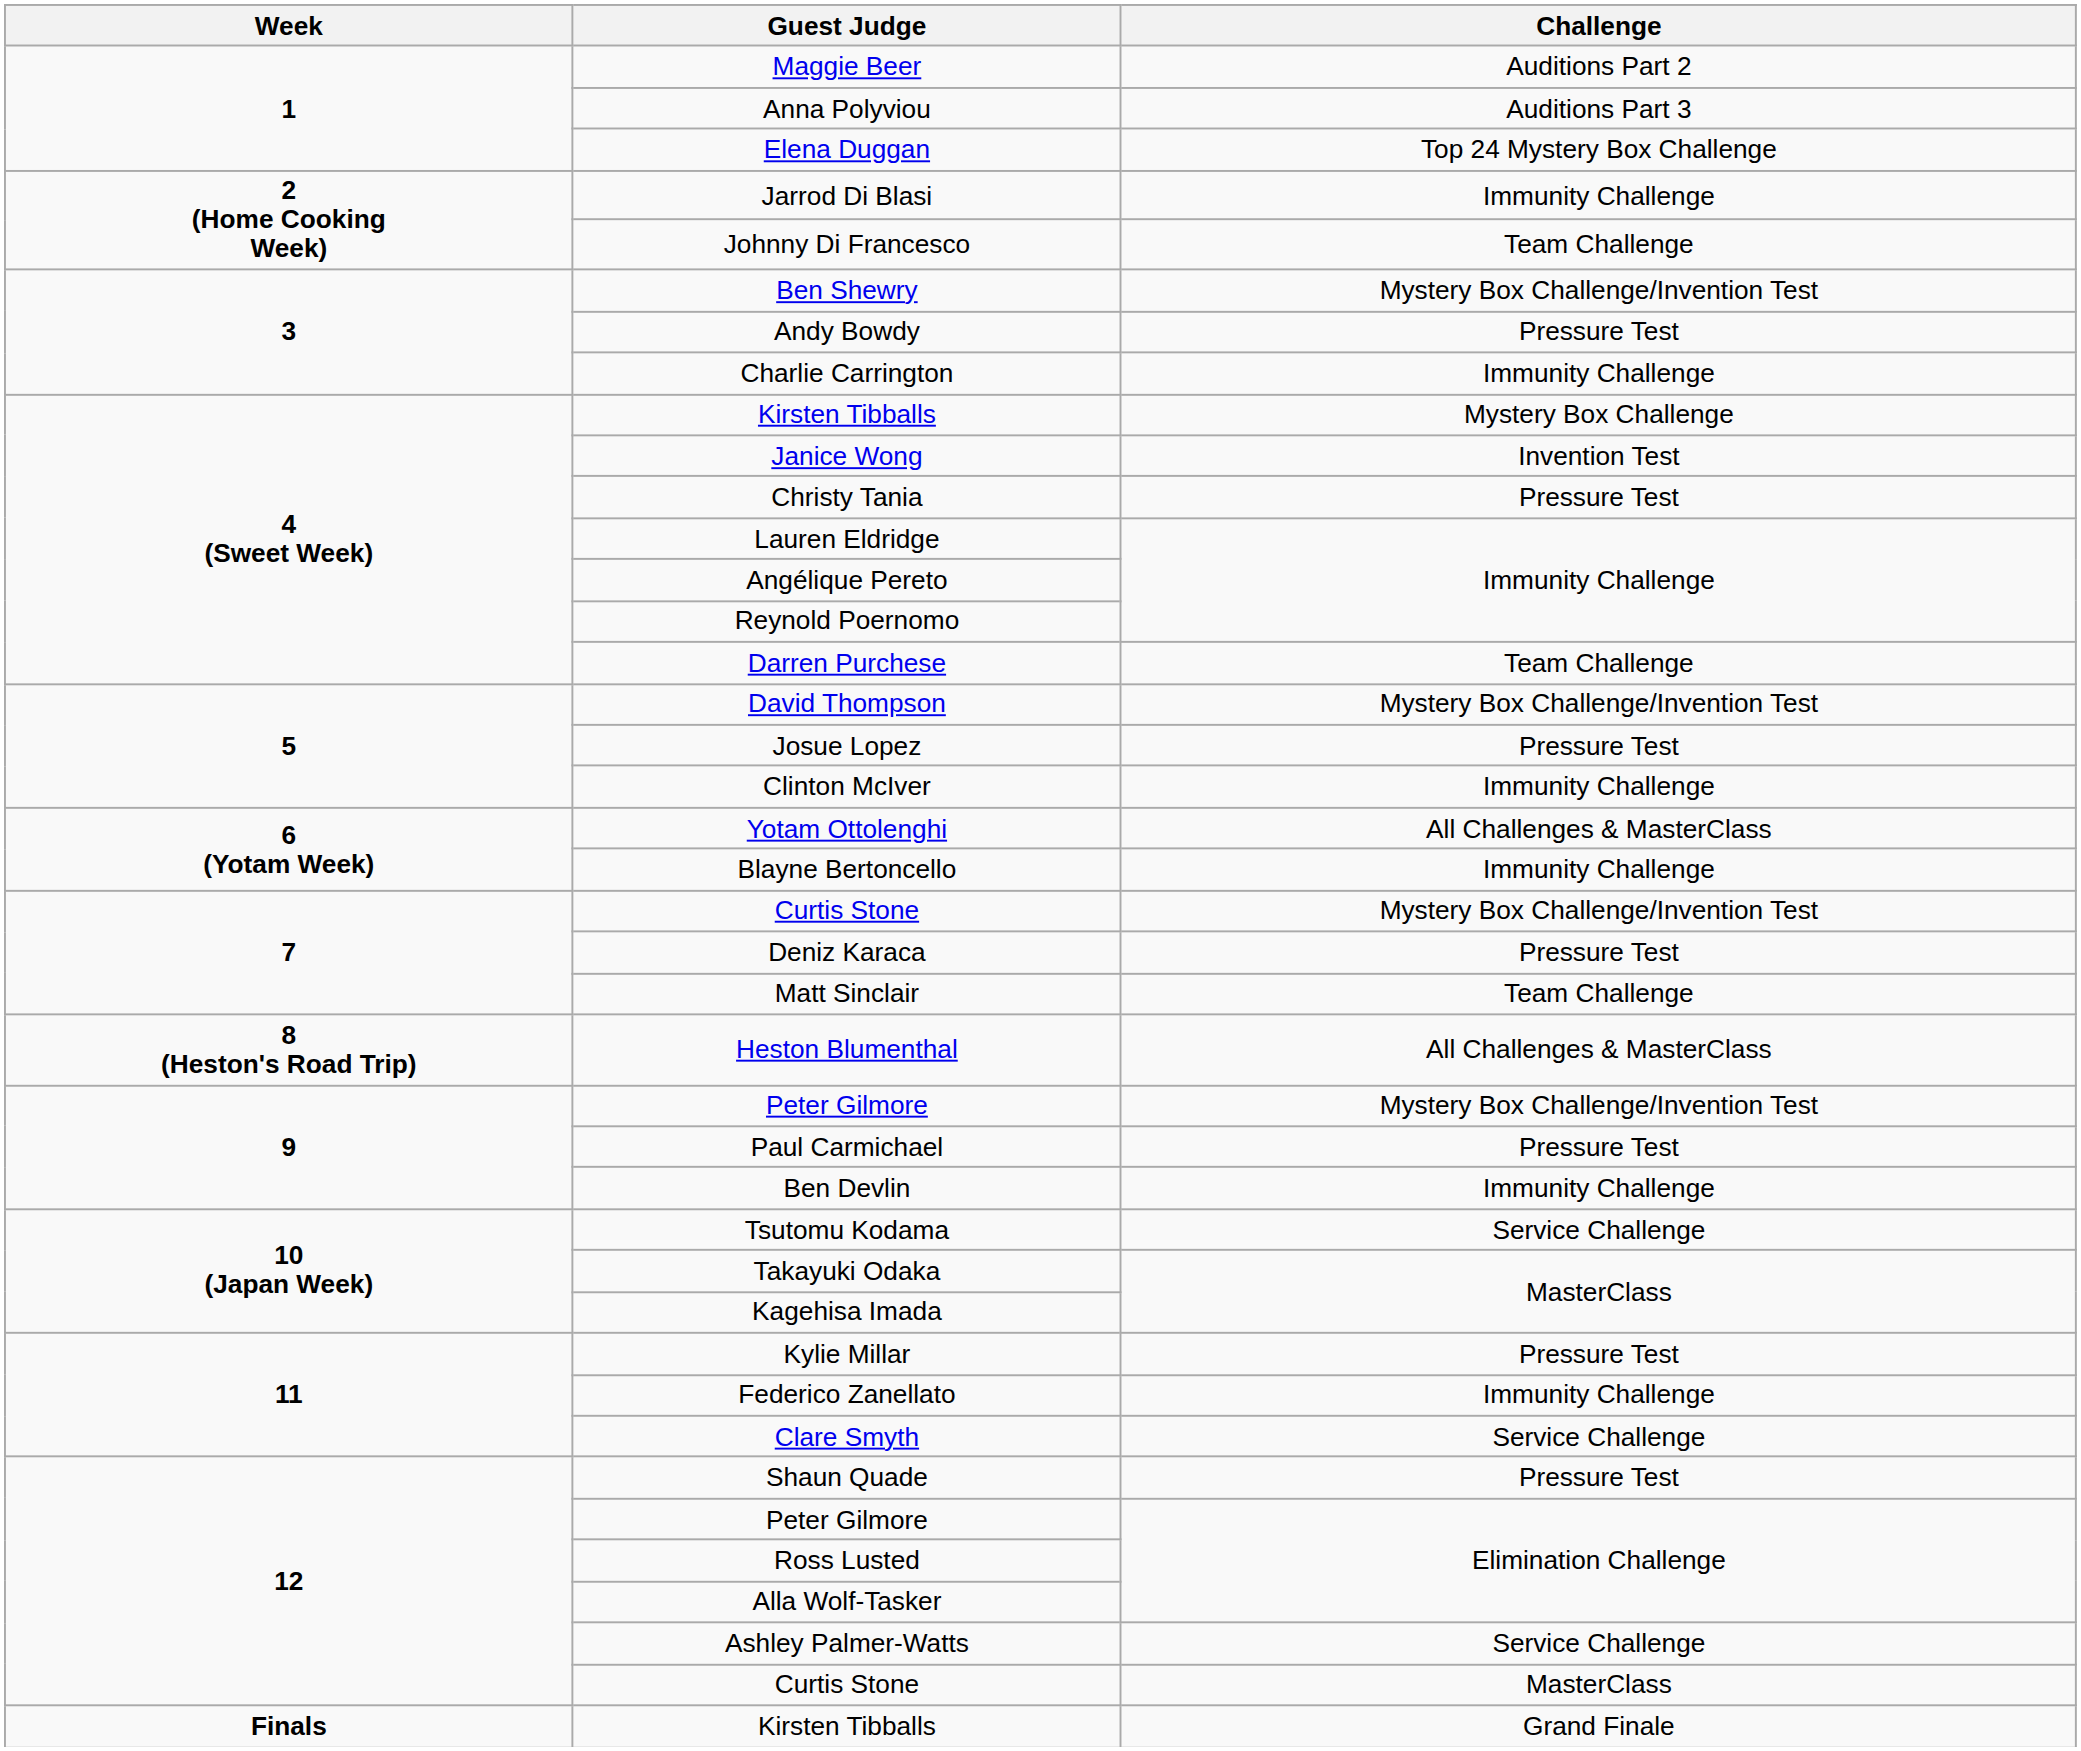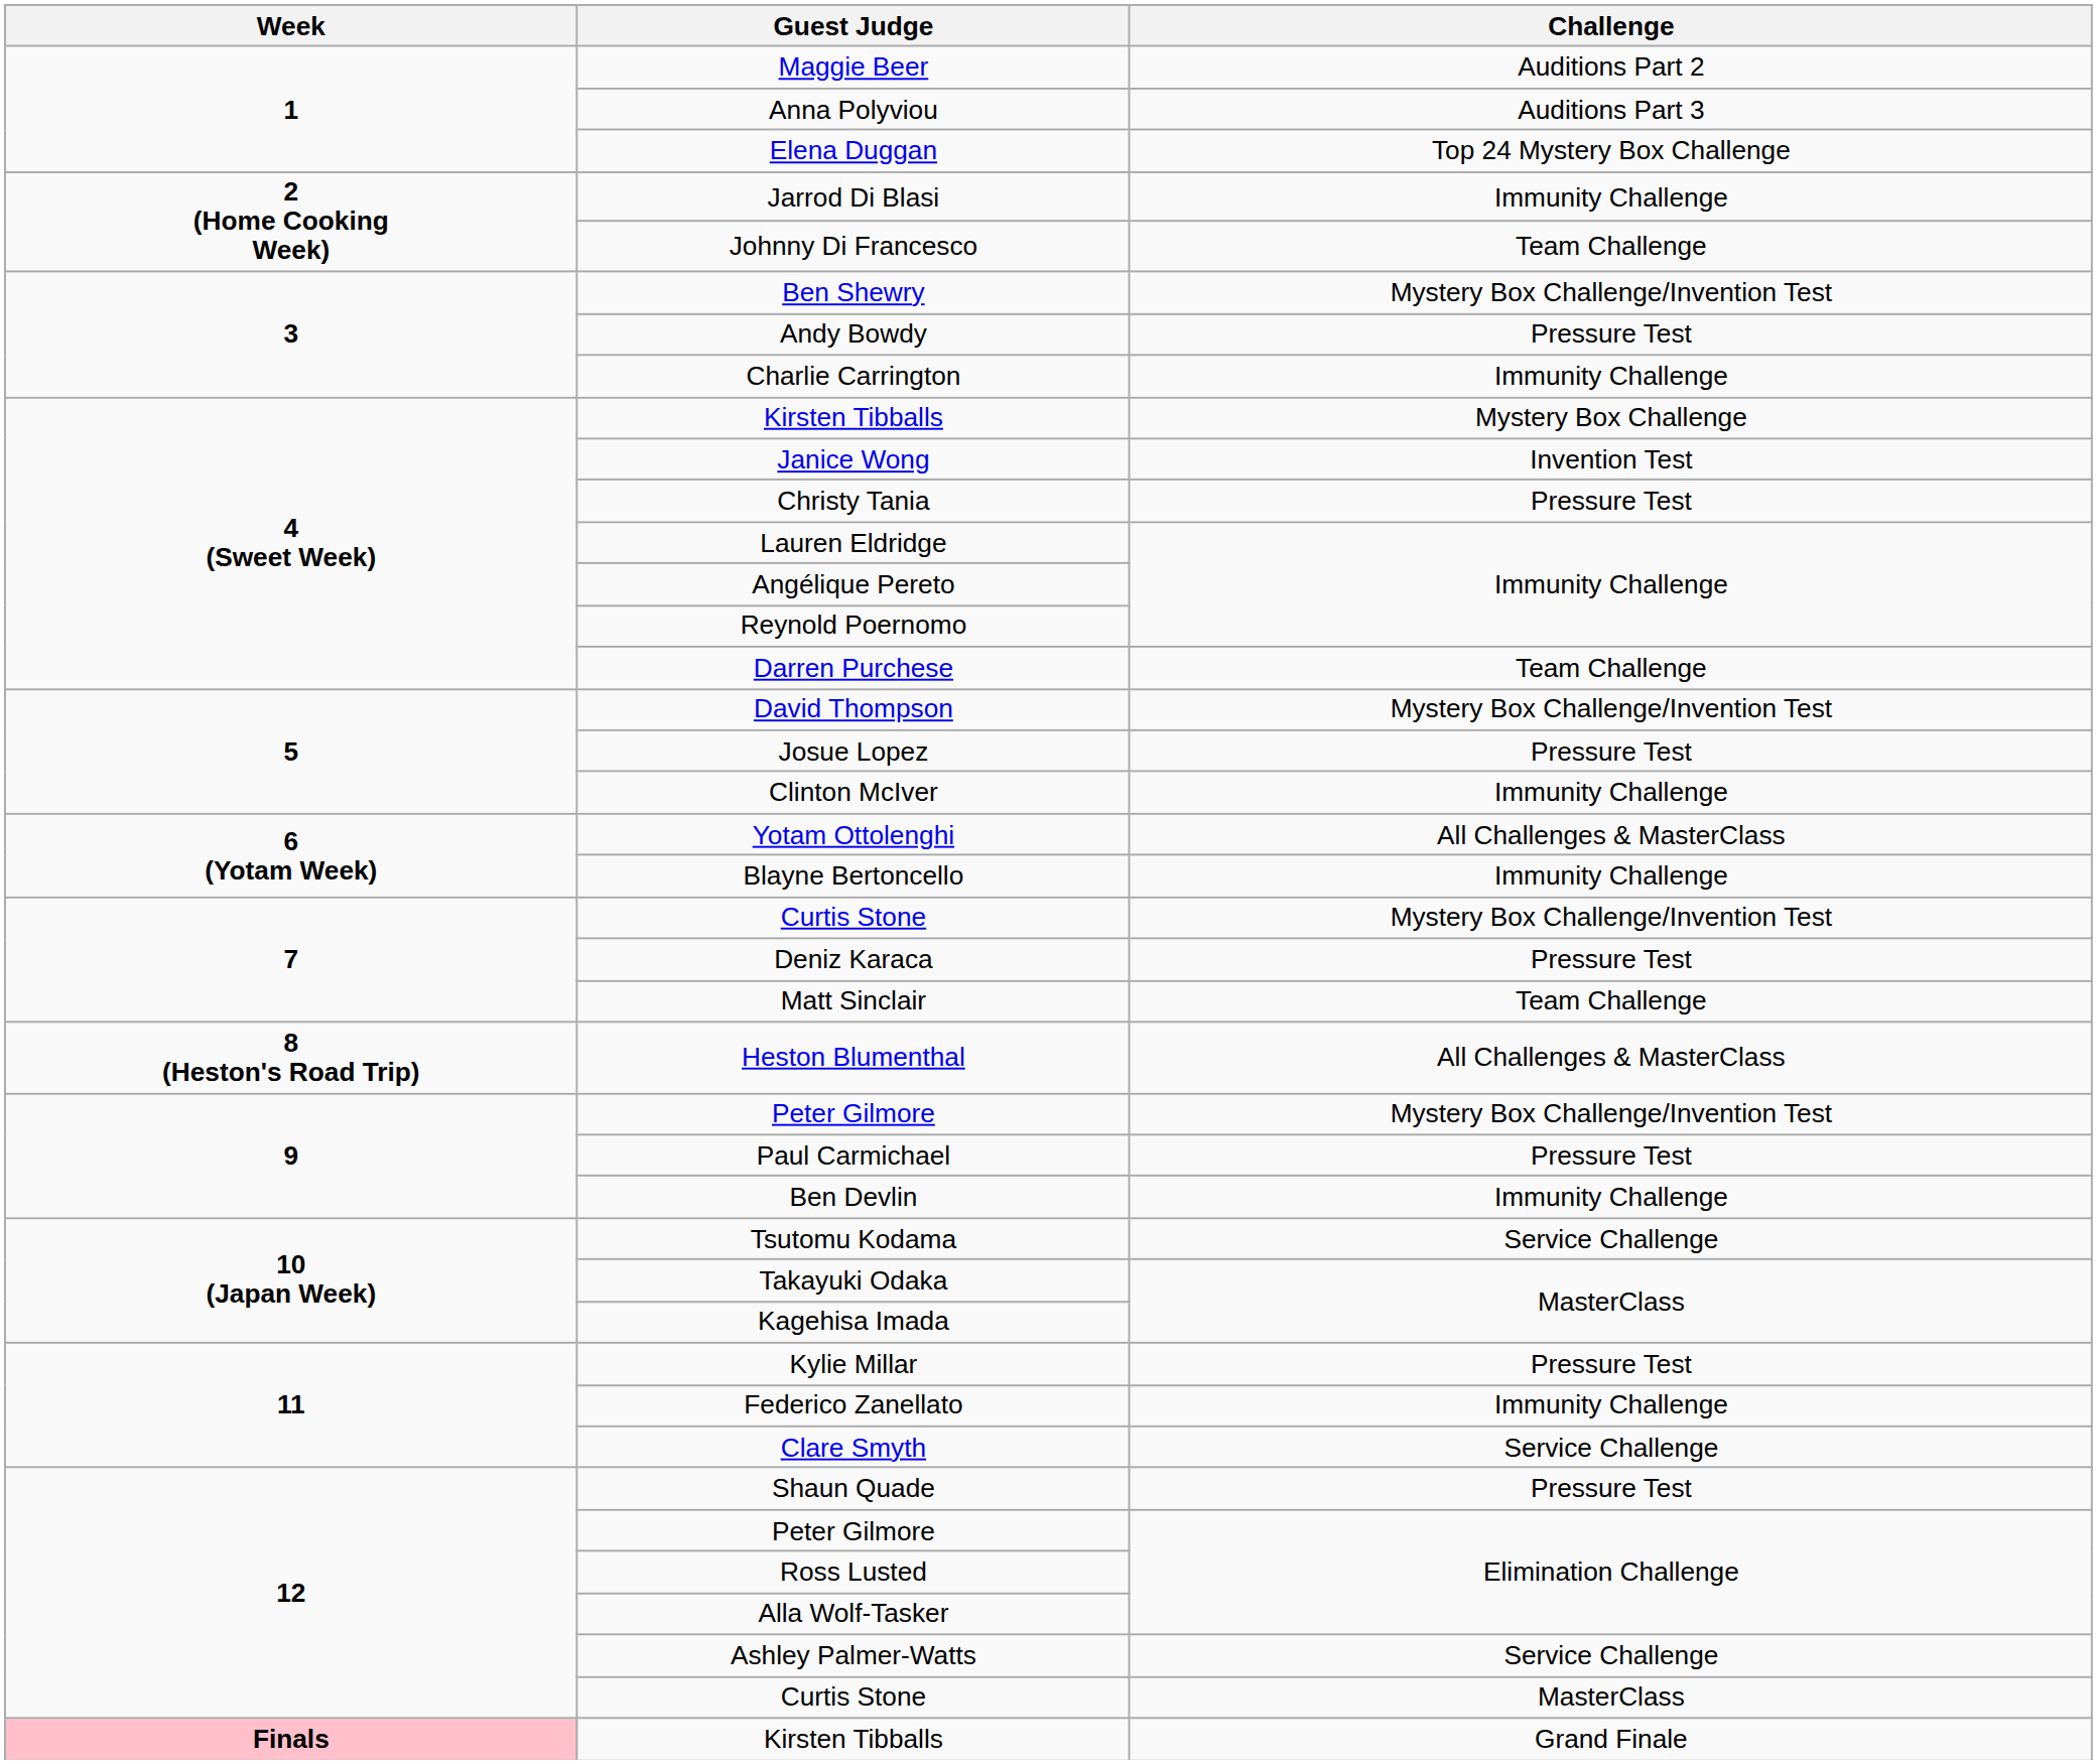 <table class="wikitable" style="text-align:center; width:85%; font-size:85%; line-height:15px">
 <tr>
 <th>Week</th>
 <th>Guest Judge</th>
 <th>Challenge</th>
 </tr>
 <tr>
 <td rowspan="3"><strong>1</strong></td>
 <td><a href='#'>Maggie Beer</a></td>
 <td>Auditions Part 2</td>
 </tr>
 <tr>
 <td>Anna Polyviou</td>
 <td>Auditions Part 3</td>
 </tr>
 <tr>
 <td><a href='#'>Elena Duggan</a></td>
 <td>Top 24 Mystery Box Challenge</td>
 </tr>
 <tr>
 <td rowspan="2"><strong>2<br>(Home Cooking <br> Week)</strong></td>
 <td>Jarrod Di Blasi</td>
 <td>Immunity Challenge</td>
 </tr>
 <tr>
 <td>Johnny Di Francesco</td>
 <td>Team Challenge</td>
 </tr>
 <tr>
 <td rowspan="3"><strong>3</strong></td>
 <td><a href='#'>Ben Shewry</a></td>
 <td>Mystery Box Challenge/Invention Test</td>
 </tr>
 <tr>
 <td>Andy Bowdy</td>
 <td>Pressure Test</td>
 </tr>
 <tr>
 <td>Charlie Carrington</td>
 <td>Immunity Challenge</td>
 </tr>
 <tr>
 <td rowspan="7"><strong>4<br>(Sweet Week)</strong></td>
 <td><a href='#'>Kirsten Tibballs</a></td>
 <td>Mystery Box Challenge</td>
 </tr>
 <tr>
 <td><a href='#'>Janice Wong</a></td>
 <td>Invention Test</td>
 </tr>
 <tr>
 <td>Christy Tania</td>
 <td>Pressure Test</td>
 </tr>
 <tr>
 <td>Lauren Eldridge</td>
 <td rowspan="3">Immunity Challenge</td>
 </tr>
 <tr>
 <td>Angélique Pereto</td>
 </tr>
 <tr>
 <td>Reynold Poernomo</td>
 </tr>
 <tr>
 <td><a href='#'>Darren Purchese</a></td>
 <td>Team Challenge</td>
 </tr>
 <tr>
 <td rowspan="3"><strong>5</strong></td>
 <td><a href='#'>David Thompson</a></td>
 <td>Mystery Box Challenge/Invention Test</td>
 </tr>
 <tr>
 <td>Josue Lopez</td>
 <td>Pressure Test</td>
 </tr>
 <tr>
 <td>Clinton McIver</td>
 <td>Immunity Challenge</td>
 </tr>
 <tr>
 <td rowspan="2"><strong>6<br>(Yotam Week)</strong></td>
 <td><a href='#'>Yotam Ottolenghi</a></td>
 <td>All Challenges & MasterClass</td>
 </tr>
 <tr>
 <td>Blayne Bertoncello</td>
 <td>Immunity Challenge</td>
 </tr>
 <tr>
 <td rowspan="3"><strong>7</strong></td>
 <td><a href='#'>Curtis Stone</a></td>
 <td>Mystery Box Challenge/Invention Test</td>
 </tr>
 <tr>
 <td>Deniz Karaca</td>
 <td>Pressure Test</td>
 </tr>
 <tr>
 <td>Matt Sinclair</td>
 <td>Team Challenge</td>
 </tr>
 <tr>
 <td><strong>8<br>(Heston's Road Trip)</strong></td>
 <td><a href='#'>Heston Blumenthal</a></td>
 <td>All Challenges & MasterClass</td>
 </tr>
 <tr>
 <td rowspan="3"><strong>9</strong></td>
 <td><a href='#'>Peter Gilmore</a></td>
 <td>Mystery Box Challenge/Invention Test</td>
 </tr>
 <tr>
 <td>Paul Carmichael</td>
 <td>Pressure Test</td>
 </tr>
 <tr>
 <td>Ben Devlin</td>
 <td>Immunity Challenge</td>
 </tr>
 <tr>
 <td rowspan="3"><strong>10<br>(Japan Week)</strong></td>
 <td>Tsutomu Kodama</td>
 <td>Service Challenge</td>
 </tr>
 <tr>
 <td>Takayuki Odaka</td>
 <td rowspan="2">MasterClass</td>
 </tr>
 <tr>
 <td>Kagehisa Imada</td>
 </tr>
 <tr>
 <td rowspan="3"><strong>11</strong></td>
 <td>Kylie Millar</td>
 <td>Pressure Test</td>
 </tr>
 <tr>
 <td>Federico Zanellato</td>
 <td>Immunity Challenge</td>
 </tr>
 <tr>
 <td><a href='#'>Clare Smyth</a></td>
 <td>Service Challenge</td>
 </tr>
 <tr>
 <td rowspan="6"><strong>12</strong></td>
 <td>Shaun Quade</td>
 <td>Pressure Test</td>
 </tr>
 <tr>
 <td>Peter Gilmore</td>
 <td rowspan="3">Elimination Challenge</td>
 </tr>
 <tr>
 <td>Ross Lusted</td>
 </tr>
 <tr>
 <td>Alla Wolf-Tasker</td>
 </tr>
 <tr>
 <td>Ashley Palmer-Watts</td>
 <td>Service Challenge</td>
 </tr>
 <tr>
 <td>Curtis Stone</td>
 <td>MasterClass</td>
 </tr>
 <tr>
-<td><strong>Finals</strong></td>
+<td style="background: pink;"><strong>Finals</strong></td>
 <td>Kirsten Tibballs</td>
 <td>Grand Finale</td>
 </tr>
 </table>
